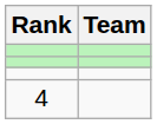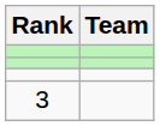 <table class="wikitable">
 <tr>
 <th>Rank</th>
 <th>Team</th>
 </tr>
 <tr bgcolor=bbf3bb>
 <td align=center></td>
 <td></td>
 </tr>
 <tr bgcolor=bbf3bb>
 <td align=center></td>
 <td></td>
 </tr>
 <tr>
 <td align=center></td>
 <td></td>
 </tr>
 <tr>
-<td align=center>4</td>
+<td align=center>3</td>
 <td></td>
 </tr>
 </table>
